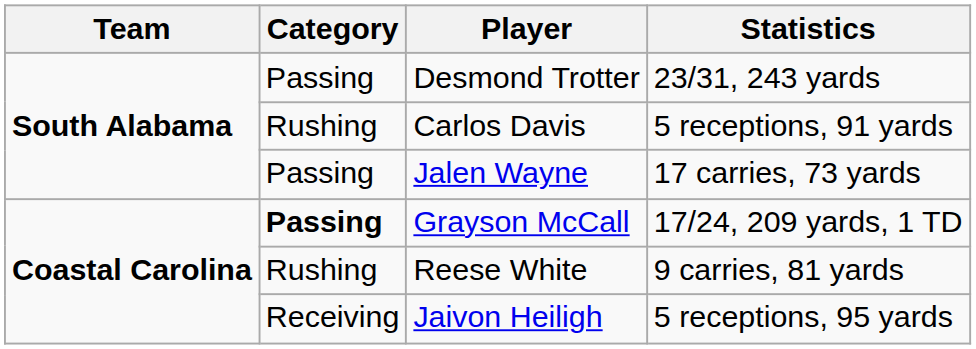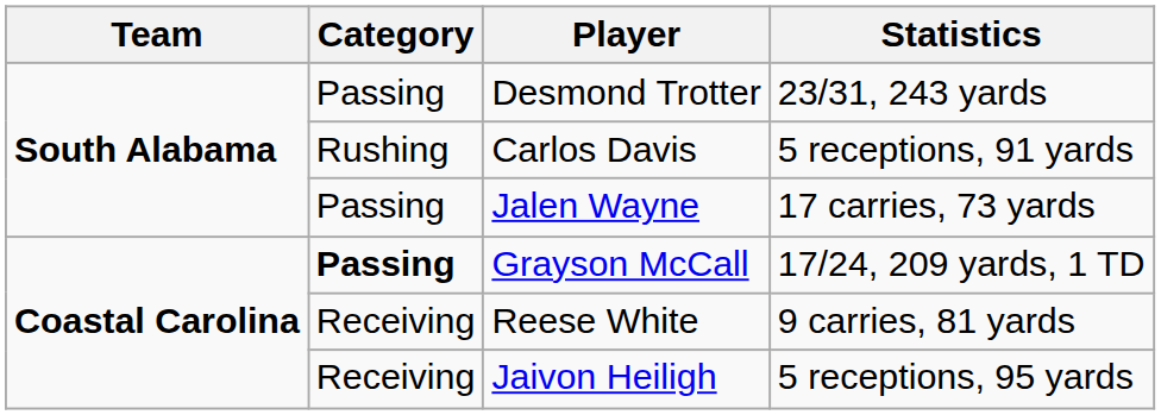 <table class="wikitable" style="float: left;">
 <tr>
 <th>Team</th>
 <th>Category</th>
 <th>Player</th>
 <th>Statistics</th>
 </tr>
 <tr>
 <td rowspan=3><strong>South Alabama</strong></td>
 <td>Passing</td>
 <td>Desmond Trotter</td>
 <td>23/31, 243 yards</td>
 </tr>
 <tr>
 <td>Rushing</td>
 <td>Carlos Davis</td>
 <td>5 receptions, 91 yards</td>
 </tr>
 <tr>
 <td>Passing</td>
 <td><a href='#'>Jalen Wayne</a></td>
 <td>17 carries, 73 yards</td>
 </tr>
 <tr>
 <td rowspan=3><strong>Coastal Carolina</strong></td>
 <td><strong>Passing</strong></td>
 <td><a href='#'>Grayson McCall</a></td>
 <td>17/24, 209 yards, 1 TD</td>
 </tr>
 <tr>
-<td>Rushing</td>
+<td>Receiving</td>
 <td>Reese White</td>
 <td>9 carries, 81 yards</td>
 </tr>
 <tr>
 <td>Receiving</td>
 <td><a href='#'>Jaivon Heiligh</a></td>
 <td>5 receptions, 95 yards</td>
 </tr>
 </table>
